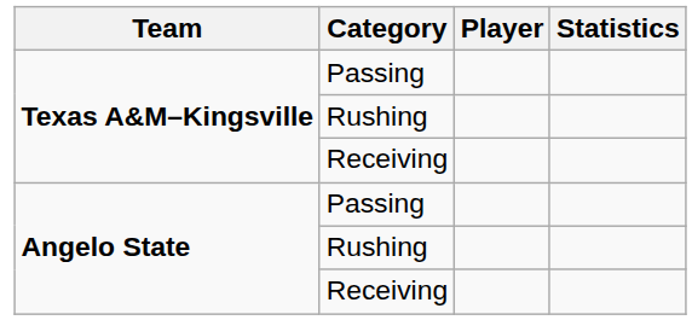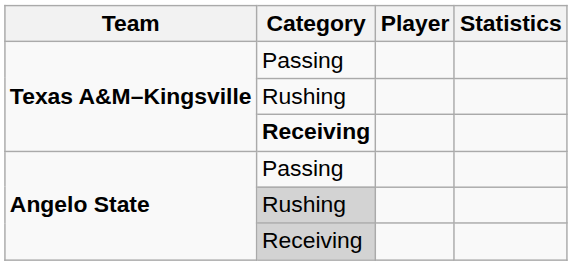 <table class="wikitable" style="float: right;">
 <tr>
 <th>Team</th>
 <th>Category</th>
 <th>Player</th>
 <th>Statistics</th>
 </tr>
 <tr>
 <td rowspan=3><strong>Texas A&M–Kingsville</strong></td>
 <td>Passing</td>
 <td></td>
 <td></td>
 </tr>
 <tr>
 <td>Rushing</td>
 <td></td>
 <td></td>
 </tr>
 <tr>
-<td>Receiving</td>
+<td><strong>Receiving</strong></td>
 <td></td>
 <td></td>
 </tr>
 <tr>
 <td rowspan=3><strong>Angelo State</strong></td>
 <td>Passing</td>
 <td></td>
 <td></td>
 </tr>
 <tr>
-<td>Rushing</td>
+<td style="background: lightgrey;">Rushing</td>
 <td></td>
 <td></td>
 </tr>
 <tr>
-<td>Receiving</td>
+<td style="background: lightgrey;">Receiving</td>
 <td></td>
 <td></td>
 </tr>
 </table>
